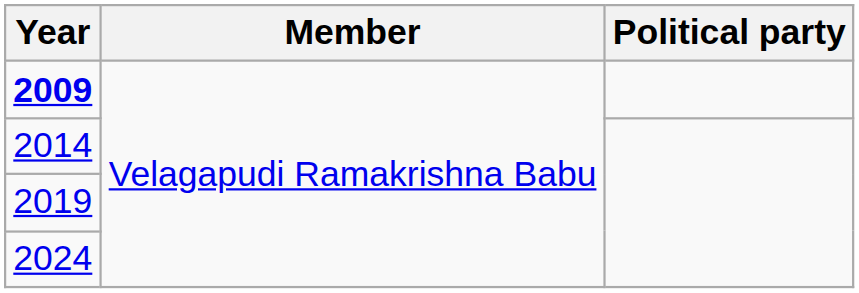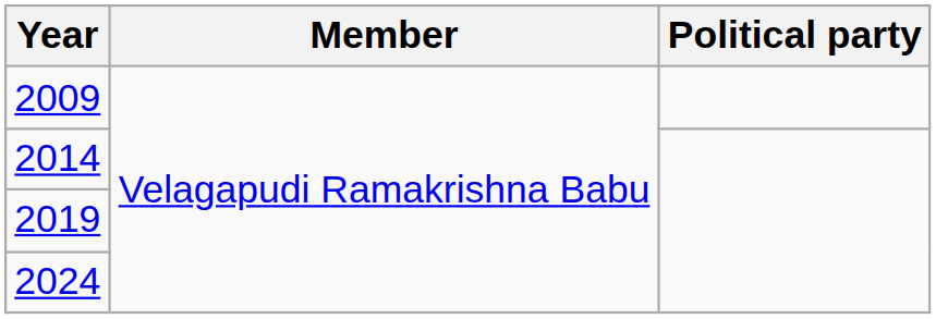 <table class="wikitable sortable">
 <tr>
 <th>Year</th>
 <th>Member</th>
 <th colspan="2">Political party</th>
 </tr>
 <tr>
-<td><strong><a href='#'>2009</a></strong></td>
+<td><a href='#'>2009</a></td>
 <td rowspan=4><a href='#'>Velagapudi Ramakrishna Babu</a></td>
 <td></td>
 </tr>
 <tr>
 <td><a href='#'>2014</a></td>
 </tr>
 <tr>
 <td><a href='#'>2019</a></td>
 </tr>
 <tr>
 <td><a href='#'>2024</a></td>
 </tr>
 </table>
